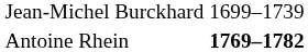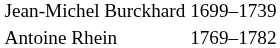 <table>
 <tr>
 <td>Jean-Michel Burckhard</td>
 <td>1699–1739</td>
 </tr>
 <tr>
 <td>Antoine Rhein</td>
-<td><strong>1769–1782</strong></td>
+<td>1769–1782</td>
 </tr>
 </table>
